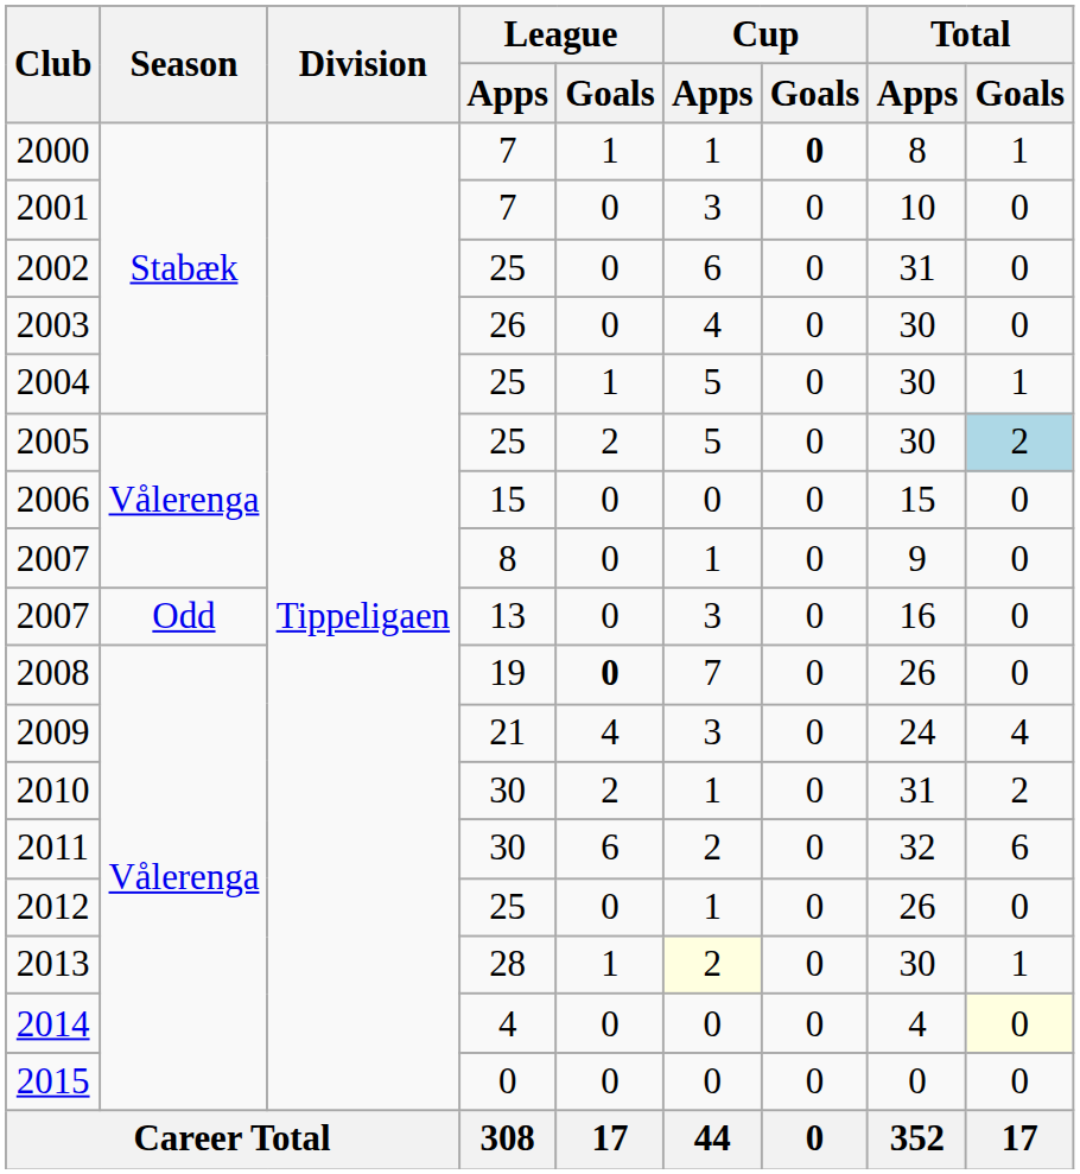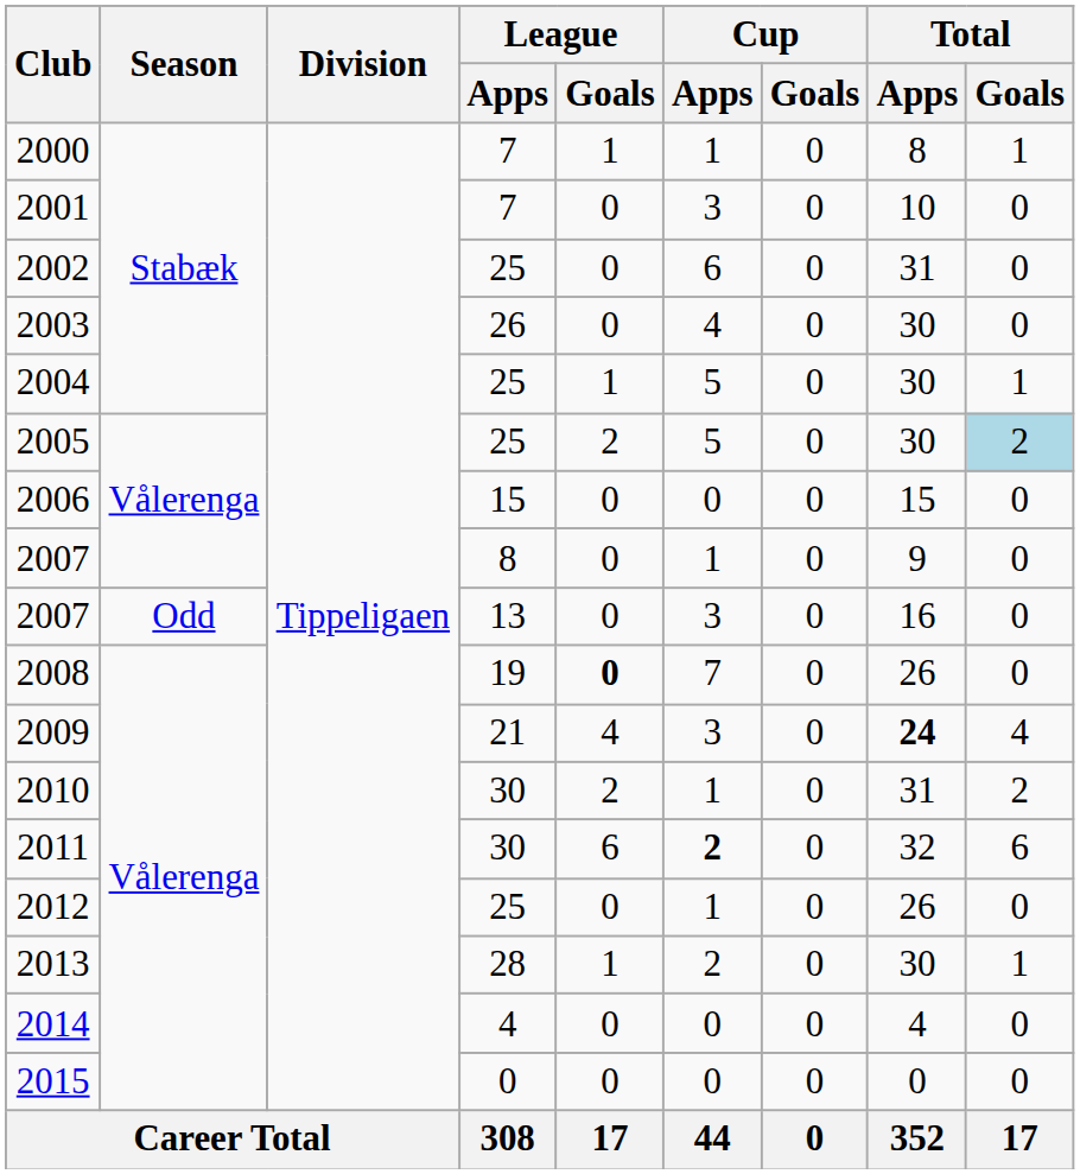 <table class="wikitable" style="text-align: center">
 <tr>
 <th rowspan="2">Club</th>
 <th rowspan="2">Season</th>
 <th rowspan="2">Division</th>
 <th colspan="2">League</th>
 <th colspan="2">Cup</th>
 <th colspan="2">Total</th>
 </tr>
 <tr>
 <th>Apps</th>
 <th>Goals</th>
 <th>Apps</th>
 <th>Goals</th>
 <th>Apps</th>
 <th>Goals</th>
 </tr>
 <tr>
 <td>2000</td>
 <td rowspan="5"><a href='#'>Stabæk</a></td>
 <td rowspan="17"><a href='#'>Tippeligaen</a></td>
 <td>7</td>
 <td>1</td>
 <td>1</td>
-<td><strong>0</strong></td>
+<td>0</td>
 <td>8</td>
 <td>1</td>
 </tr>
 <tr>
 <td>2001</td>
 <td>7</td>
 <td>0</td>
 <td>3</td>
 <td>0</td>
 <td>10</td>
 <td>0</td>
 </tr>
 <tr>
 <td>2002</td>
 <td>25</td>
 <td>0</td>
 <td>6</td>
 <td>0</td>
 <td>31</td>
 <td>0</td>
 </tr>
 <tr>
 <td>2003</td>
 <td>26</td>
 <td>0</td>
 <td>4</td>
 <td>0</td>
 <td>30</td>
 <td>0</td>
 </tr>
 <tr>
 <td>2004</td>
 <td>25</td>
 <td>1</td>
 <td>5</td>
 <td>0</td>
 <td>30</td>
 <td>1</td>
 </tr>
 <tr>
 <td>2005</td>
 <td rowspan="3"><a href='#'>Vålerenga</a></td>
 <td>25</td>
 <td>2</td>
 <td>5</td>
 <td>0</td>
 <td>30</td>
 <td style="background: lightblue;">2</td>
 </tr>
 <tr>
 <td>2006</td>
 <td>15</td>
 <td>0</td>
 <td>0</td>
 <td>0</td>
 <td>15</td>
 <td>0</td>
 </tr>
 <tr>
 <td>2007</td>
 <td>8</td>
 <td>0</td>
 <td>1</td>
 <td>0</td>
 <td>9</td>
 <td>0</td>
 </tr>
 <tr>
 <td>2007</td>
 <td rowspan="1"><a href='#'>Odd</a></td>
 <td>13</td>
 <td>0</td>
 <td>3</td>
 <td>0</td>
 <td>16</td>
 <td>0</td>
 </tr>
 <tr>
 <td>2008</td>
 <td rowspan="8"><a href='#'>Vålerenga</a></td>
 <td>19</td>
 <td><strong>0</strong></td>
 <td>7</td>
 <td>0</td>
 <td>26</td>
 <td>0</td>
 </tr>
 <tr>
 <td>2009</td>
 <td>21</td>
 <td>4</td>
 <td>3</td>
 <td>0</td>
-<td>24</td>
+<td><strong>24</strong></td>
 <td>4</td>
 </tr>
 <tr>
 <td>2010</td>
 <td>30</td>
 <td>2</td>
 <td>1</td>
 <td>0</td>
 <td>31</td>
 <td>2</td>
 </tr>
 <tr>
 <td>2011</td>
 <td>30</td>
 <td>6</td>
-<td>2</td>
+<td><strong>2</strong></td>
 <td>0</td>
 <td>32</td>
 <td>6</td>
 </tr>
 <tr>
 <td>2012</td>
 <td>25</td>
 <td>0</td>
 <td>1</td>
 <td>0</td>
 <td>26</td>
 <td>0</td>
 </tr>
 <tr>
 <td>2013</td>
 <td>28</td>
 <td>1</td>
-<td style="background: lightyellow;">2</td>
+<td>2</td>
 <td>0</td>
 <td>30</td>
 <td>1</td>
 </tr>
 <tr>
 <td><a href='#'>2014</a></td>
 <td>4</td>
 <td>0</td>
 <td>0</td>
 <td>0</td>
 <td>4</td>
-<td style="background: lightyellow;">0</td>
+<td>0</td>
 </tr>
 <tr>
 <td><a href='#'>2015</a></td>
 <td>0</td>
 <td>0</td>
 <td>0</td>
 <td>0</td>
 <td>0</td>
 <td>0</td>
 </tr>
 <tr>
 <th colspan="3">Career Total</th>
 <th>308</th>
 <th>17</th>
 <th>44</th>
 <th>0</th>
 <th>352</th>
 <th>17</th>
 </tr>
 </table>
